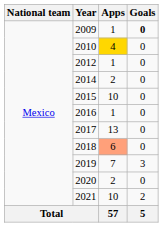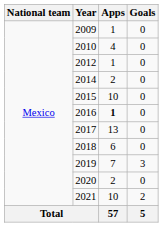 <table class="wikitable" style="text-align:center">
 <tr>
 <th>National team</th>
 <th>Year</th>
 <th>Apps</th>
 <th>Goals</th>
 </tr>
 <tr>
 <td rowspan="11"><a href='#'>Mexico</a></td>
 <td>2009</td>
 <td>1</td>
-<td><strong>0</strong></td>
+<td>0</td>
 </tr>
 <tr>
 <td>2010</td>
-<td style="background: gold;">4</td>
+<td>4</td>
 <td>0</td>
 </tr>
 <tr>
 <td>2012</td>
 <td>1</td>
 <td>0</td>
 </tr>
 <tr>
 <td>2014</td>
 <td>2</td>
 <td>0</td>
 </tr>
 <tr>
 <td>2015</td>
 <td>10</td>
 <td>0</td>
 </tr>
 <tr>
 <td>2016</td>
-<td>1</td>
+<td><strong>1</strong></td>
 <td>0</td>
 </tr>
 <tr>
 <td>2017</td>
 <td>13</td>
 <td>0</td>
 </tr>
 <tr>
 <td>2018</td>
-<td style="background: lightsalmon;">6</td>
+<td>6</td>
 <td>0</td>
 </tr>
 <tr>
 <td>2019</td>
 <td>7</td>
 <td>3</td>
 </tr>
 <tr>
 <td>2020</td>
 <td>2</td>
 <td>0</td>
 </tr>
 <tr>
 <td>2021</td>
 <td>10</td>
 <td>2</td>
 </tr>
 <tr>
 <th colspan="2">Total</th>
 <th>57</th>
 <th>5</th>
 </tr>
 </table>
